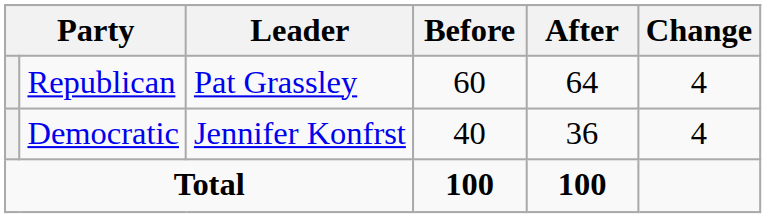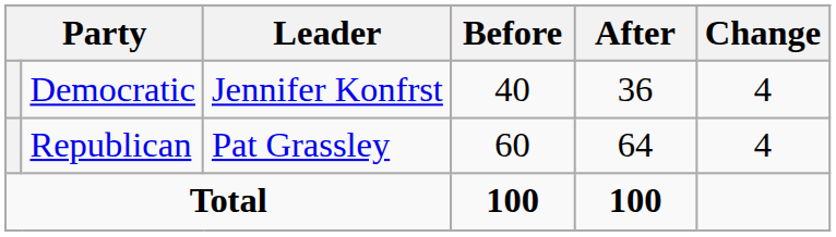 <table class="wikitable" style="text-align:center;">
 <tr>
 </tr>
 <tr>
 <th colspan=2>Party</th>
 <th>Leader</th>
 <th style="width:3em">Before</th>
 <th style="width:3em">After</th>
 <th style="width:3em">Change</th>
 </tr>
 <tr>
 <th style="background-color:"></th>
+<td style="text-align:left;"><a href='#'>Democratic</a></td>
+<td style="text-align:left;"><a href='#'>Jennifer Konfrst</a></td>
+<td>40</td>
+<td>36</td>
+<td>4</td>
+</tr>
+<tr>
+<th style="background-color:"></th>
 <td style="text-align:left;"><a href='#'>Republican</a></td>
 <td style="text-align:left;"><a href='#'>Pat Grassley</a></td>
 <td>60</td>
 <td>64</td>
-<td>4</td>
-</tr>
-<tr>
-<th style="background-color:"></th>
-<td style="text-align:left;"><a href='#'>Democratic</a></td>
-<td style="text-align:left;"><a href='#'>Jennifer Konfrst</a></td>
-<td>40</td>
-<td>36</td>
 <td>4</td>
 </tr>
 <tr>
 <td colspan=3><strong>Total</strong></td>
 <td><strong>100</strong></td>
 <td><strong>100</strong></td>
 <td></td>
 </tr>
 </table>
